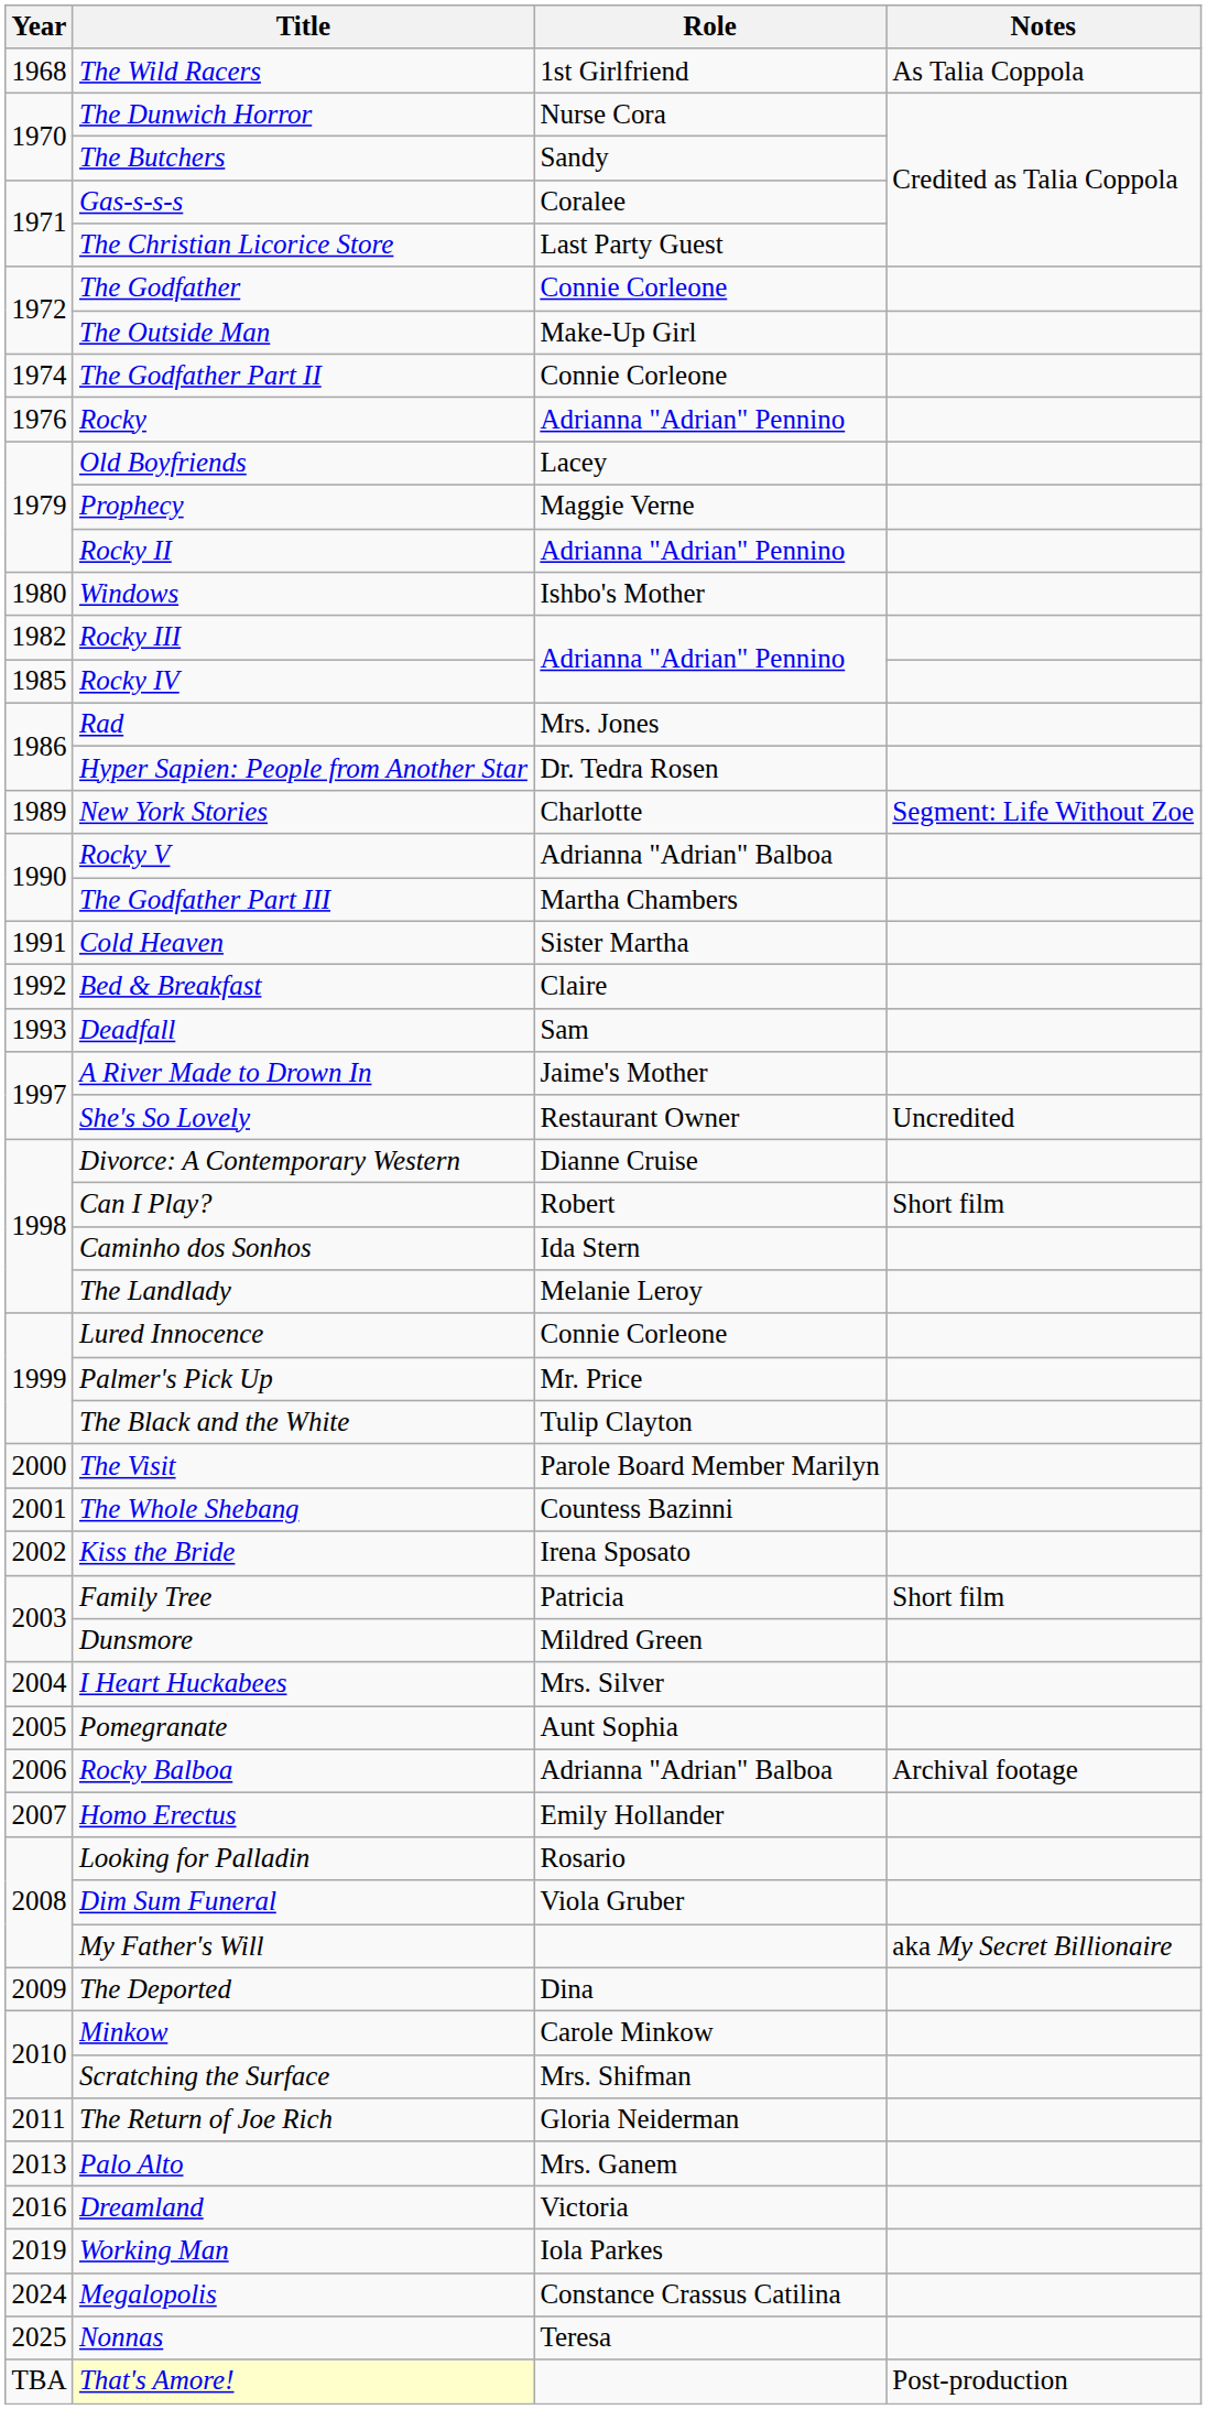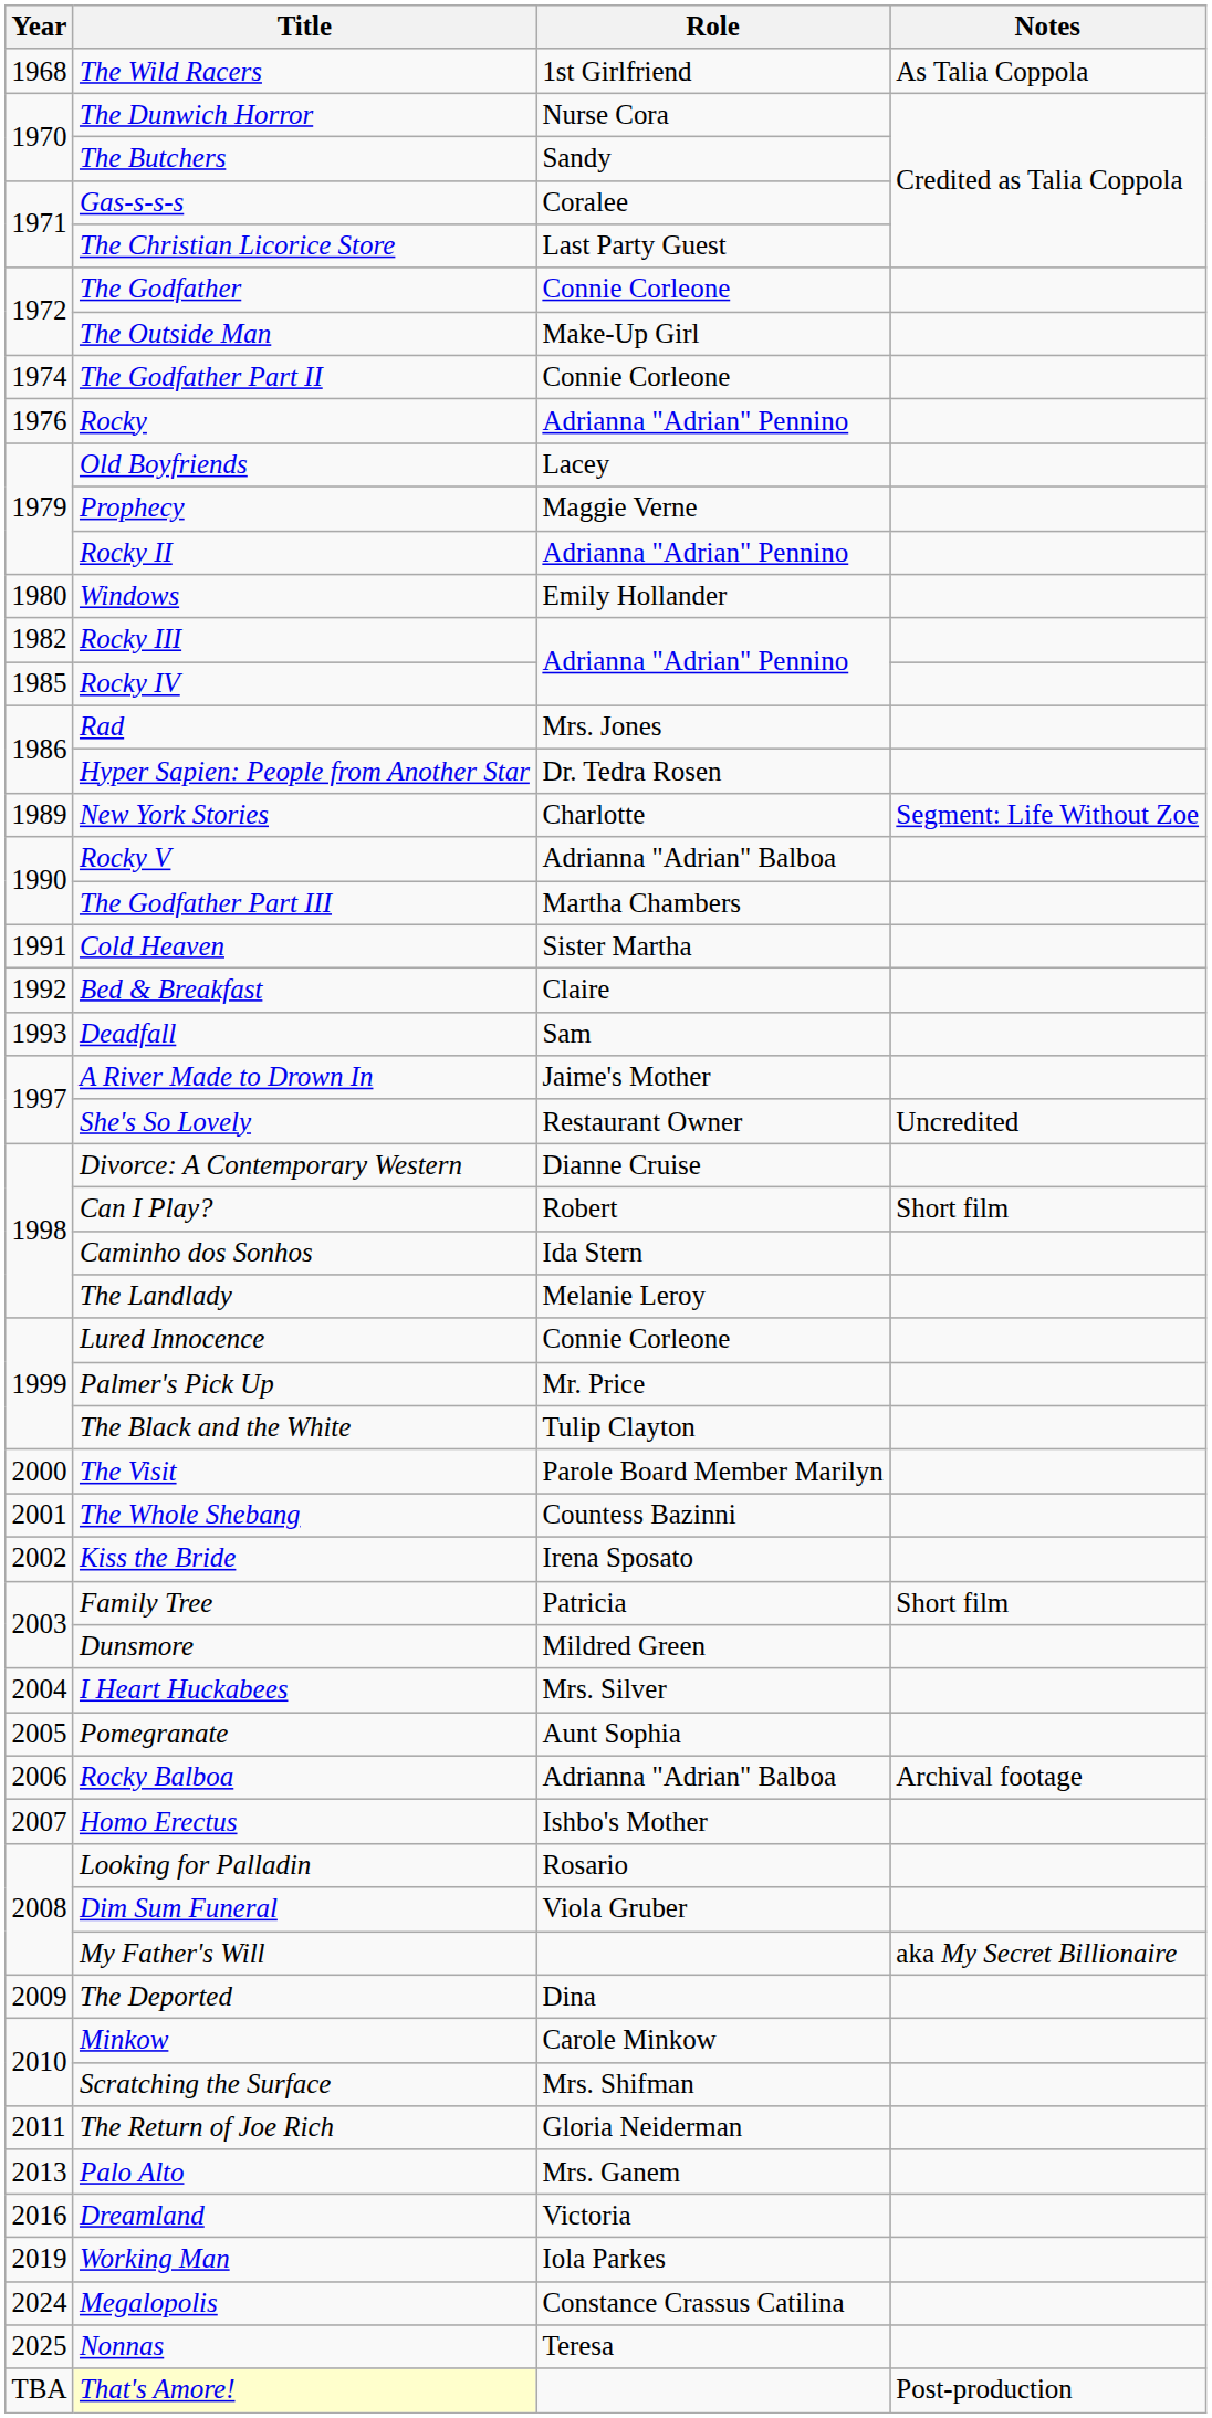 <table class="wikitable sortable plainrowheaders">
 <tr>
 <th scope="col">Year</th>
 <th scope="col">Title</th>
 <th scope="col">Role</th>
 <th scope="col" class="unsortable">Notes</th>
 </tr>
 <tr>
 <td>1968</td>
 <td><em><a href='#'>The Wild Racers</a></em></td>
 <td>1st Girlfriend</td>
 <td>As Talia Coppola</td>
 </tr>
 <tr>
 <td rowspan="2">1970</td>
 <td><em><a href='#'>The Dunwich Horror</a></em></td>
 <td>Nurse Cora</td>
 <td rowspan="4">Credited as Talia Coppola</td>
 </tr>
 <tr>
 <td><em><a href='#'>The Butchers</a></em></td>
 <td>Sandy</td>
 </tr>
 <tr>
 <td rowspan="2">1971</td>
 <td><em><a href='#'>Gas-s-s-s</a></em></td>
 <td>Coralee</td>
 </tr>
 <tr>
 <td><em><a href='#'>The Christian Licorice Store</a></em></td>
 <td>Last Party Guest</td>
 </tr>
 <tr>
 <td rowspan="2">1972</td>
 <td><em><a href='#'>The Godfather</a></em></td>
 <td><a href='#'>Connie Corleone</a></td>
 <td></td>
 </tr>
 <tr>
 <td><em><a href='#'>The Outside Man</a></em></td>
 <td>Make-Up Girl</td>
 <td></td>
 </tr>
 <tr>
 <td>1974</td>
 <td><em><a href='#'>The Godfather Part II</a></em></td>
 <td>Connie Corleone</td>
 <td></td>
 </tr>
 <tr>
 <td>1976</td>
 <td><em><a href='#'>Rocky</a></em></td>
 <td><a href='#'>Adrianna "Adrian" Pennino</a></td>
 <td></td>
 </tr>
 <tr>
 <td rowspan="3">1979</td>
 <td><em><a href='#'>Old Boyfriends</a></em></td>
 <td>Lacey</td>
 <td></td>
 </tr>
 <tr>
 <td><em><a href='#'>Prophecy</a></em></td>
 <td>Maggie Verne</td>
 <td></td>
 </tr>
 <tr>
 <td><em><a href='#'>Rocky II</a></em></td>
 <td><a href='#'>Adrianna "Adrian" Pennino</a></td>
 <td></td>
 </tr>
 <tr>
 <td>1980</td>
 <td><em><a href='#'>Windows</a></em></td>
-<td>Ishbo's Mother</td>
+<td>Emily Hollander</td>
 <td></td>
 </tr>
 <tr>
 <td>1982</td>
 <td><em><a href='#'>Rocky III</a></em></td>
 <td rowspan="2"><a href='#'>Adrianna "Adrian" Pennino</a></td>
 <td></td>
 </tr>
 <tr>
 <td>1985</td>
 <td><em><a href='#'>Rocky IV</a></em></td>
 <td></td>
 </tr>
 <tr>
 <td rowspan="2">1986</td>
 <td><em><a href='#'>Rad</a></em></td>
 <td>Mrs. Jones</td>
 <td></td>
 </tr>
 <tr>
 <td><em><a href='#'>Hyper Sapien: People from Another Star</a></em></td>
 <td>Dr. Tedra Rosen</td>
 <td></td>
 </tr>
 <tr>
 <td>1989</td>
 <td><em><a href='#'>New York Stories</a></em></td>
 <td>Charlotte</td>
 <td><a href='#'>Segment: Life Without Zoe</a></td>
 </tr>
 <tr>
 <td rowspan="2">1990</td>
 <td><em><a href='#'>Rocky V</a></em></td>
 <td>Adrianna "Adrian" Balboa</td>
 <td></td>
 </tr>
 <tr>
 <td><em><a href='#'>The Godfather Part III</a></em></td>
 <td>Martha Chambers</td>
 <td></td>
 </tr>
 <tr>
 <td>1991</td>
 <td><em><a href='#'>Cold Heaven</a></em></td>
 <td>Sister Martha</td>
 <td></td>
 </tr>
 <tr>
 <td>1992</td>
 <td><em><a href='#'>Bed & Breakfast</a></em></td>
 <td>Claire</td>
 <td></td>
 </tr>
 <tr>
 <td>1993</td>
 <td><em><a href='#'>Deadfall</a></em></td>
 <td>Sam</td>
 <td></td>
 </tr>
 <tr>
 <td rowspan="2">1997</td>
 <td><em><a href='#'>A River Made to Drown In</a></em></td>
 <td>Jaime's Mother</td>
 <td></td>
 </tr>
 <tr>
 <td><em><a href='#'>She's So Lovely</a></em></td>
 <td>Restaurant Owner</td>
 <td>Uncredited</td>
 </tr>
 <tr>
 <td rowspan="4">1998</td>
 <td><em>Divorce: A Contemporary Western</em></td>
 <td>Dianne Cruise</td>
 <td></td>
 </tr>
 <tr>
 <td><em>Can I Play?</em></td>
 <td>Robert</td>
 <td>Short film</td>
 </tr>
 <tr>
 <td><em>Caminho dos Sonhos</em></td>
 <td>Ida Stern</td>
 <td></td>
 </tr>
 <tr>
 <td><em>The Landlady</em></td>
 <td>Melanie Leroy</td>
 <td></td>
 </tr>
 <tr>
 <td rowspan="3">1999</td>
 <td><em>Lured Innocence</em></td>
 <td>Connie Corleone</td>
 <td></td>
 </tr>
 <tr>
 <td><em>Palmer's Pick Up</em></td>
 <td>Mr. Price</td>
 <td></td>
 </tr>
 <tr>
 <td><em>The Black and the White</em></td>
 <td>Tulip Clayton</td>
 <td></td>
 </tr>
 <tr>
 <td>2000</td>
 <td><em><a href='#'>The Visit</a></em></td>
 <td>Parole Board Member Marilyn</td>
 <td></td>
 </tr>
 <tr>
 <td>2001</td>
 <td><em><a href='#'>The Whole Shebang</a></em></td>
 <td>Countess Bazinni</td>
 <td></td>
 </tr>
 <tr>
 <td>2002</td>
 <td><em><a href='#'>Kiss the Bride</a></em></td>
 <td>Irena Sposato</td>
 <td></td>
 </tr>
 <tr>
 <td rowspan="2">2003</td>
 <td><em>Family Tree</em></td>
 <td>Patricia</td>
 <td>Short film</td>
 </tr>
 <tr>
 <td><em>Dunsmore</em></td>
 <td>Mildred Green</td>
 <td></td>
 </tr>
 <tr>
 <td>2004</td>
 <td><em><a href='#'>I Heart Huckabees</a></em></td>
 <td>Mrs. Silver</td>
 <td></td>
 </tr>
 <tr>
 <td>2005</td>
 <td><em>Pomegranate</em></td>
 <td>Aunt Sophia</td>
 <td></td>
 </tr>
 <tr>
 <td>2006</td>
 <td><em><a href='#'>Rocky Balboa</a></em></td>
 <td>Adrianna "Adrian" Balboa</td>
 <td>Archival footage</td>
 </tr>
 <tr>
 <td>2007</td>
 <td><em><a href='#'>Homo Erectus</a></em></td>
-<td>Emily Hollander</td>
+<td>Ishbo's Mother</td>
 <td></td>
 </tr>
 <tr>
 <td rowspan="3">2008</td>
 <td><em>Looking for Palladin</em></td>
 <td>Rosario</td>
 <td></td>
 </tr>
 <tr>
 <td><em><a href='#'>Dim Sum Funeral</a></em></td>
 <td>Viola Gruber</td>
 <td></td>
 </tr>
 <tr>
 <td><em>My Father's Will</em></td>
 <td></td>
 <td>aka <em>My Secret Billionaire</em></td>
 </tr>
 <tr>
 <td>2009</td>
 <td><em>The Deported</em></td>
 <td>Dina</td>
 <td></td>
 </tr>
 <tr>
 <td rowspan="2">2010</td>
 <td><em><a href='#'>Minkow</a></em></td>
 <td>Carole Minkow</td>
 <td></td>
 </tr>
 <tr>
 <td><em>Scratching the Surface</em></td>
 <td>Mrs. Shifman</td>
 <td></td>
 </tr>
 <tr>
 <td>2011</td>
 <td><em>The Return of Joe Rich</em></td>
 <td>Gloria Neiderman</td>
 <td></td>
 </tr>
 <tr>
 <td>2013</td>
 <td><em><a href='#'>Palo Alto</a></em></td>
 <td>Mrs. Ganem</td>
 <td></td>
 </tr>
 <tr>
 <td>2016</td>
 <td><em><a href='#'>Dreamland</a></em></td>
 <td>Victoria</td>
 <td></td>
 </tr>
 <tr>
 <td>2019</td>
 <td><em><a href='#'>Working Man</a></em></td>
 <td>Iola Parkes</td>
 <td></td>
 </tr>
 <tr>
 <td>2024</td>
 <td><em><a href='#'>Megalopolis</a></em></td>
 <td>Constance Crassus Catilina</td>
 <td></td>
 </tr>
 <tr>
 <td>2025</td>
 <td><em><a href='#'>Nonnas</a></em></td>
 <td>Teresa</td>
 <td></td>
 </tr>
 <tr>
 <td>TBA</td>
 <td style="background:#ffc;"><em><a href='#'>That's Amore!</a></em> </td>
 <td></td>
 <td>Post-production</td>
 </tr>
 </table>
